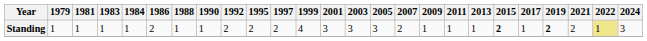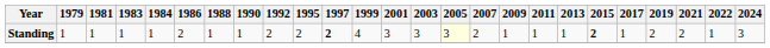 <table class="wikitable">
 <tr>
 <th>Year</th>
 <th>1979</th>
 <th>1981</th>
 <th>1983</th>
 <th>1984</th>
 <th>1986</th>
 <th>1988</th>
 <th>1990</th>
 <th>1992</th>
 <th>1995</th>
 <th>1997</th>
 <th>1999</th>
 <th>2001</th>
 <th>2003</th>
 <th>2005</th>
 <th>2007</th>
 <th>2009</th>
 <th>2011</th>
 <th>2013</th>
 <th>2015</th>
 <th>2017</th>
 <th>2019</th>
 <th>2021</th>
 <th>2022</th>
 <th>2024</th>
 </tr>
 <tr>
 <th>Standing</th>
 <td>1</td>
 <td>1</td>
 <td>1</td>
 <td>1</td>
 <td>2</td>
 <td>1</td>
 <td>1</td>
 <td>2</td>
 <td>2</td>
-<td>2</td>
+<td><strong>2</strong></td>
 <td>4</td>
 <td>3</td>
 <td>3</td>
-<td>3</td>
+<td style="background: lightyellow;">3</td>
 <td>2</td>
 <td>1</td>
 <td>1</td>
 <td>1</td>
 <td><strong>2</strong></td>
 <td>1</td>
-<td><strong>2</strong></td>
 <td>2</td>
-<td style="background: khaki;">1</td>
+<td>2</td>
+<td>1</td>
 <td>3</td>
 </tr>
 <tr>
 </tr>
 </table>
